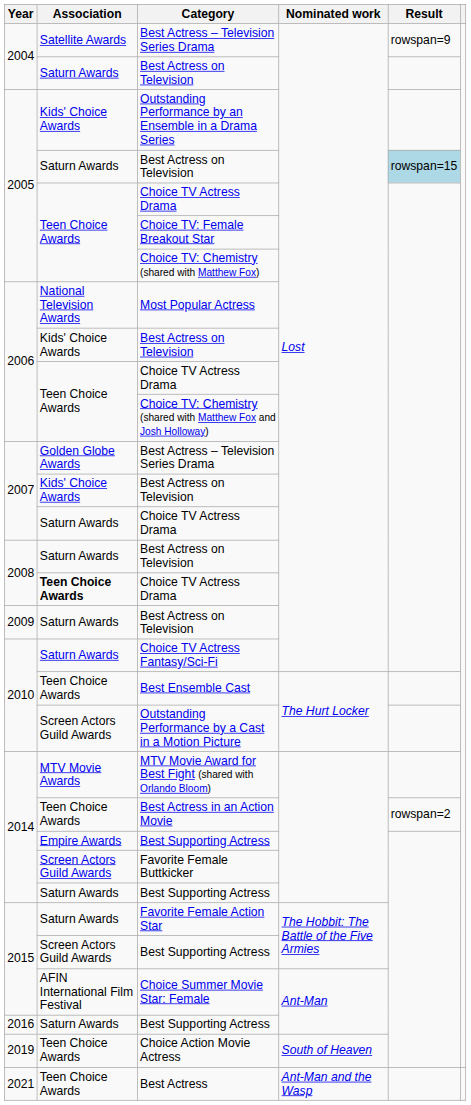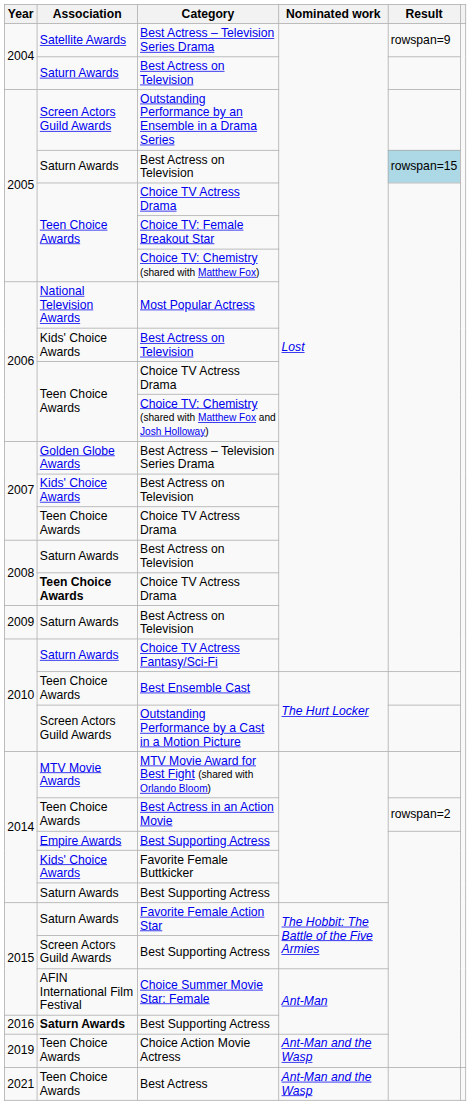 <table class="wikitable">
 <tr>
 <th>Year</th>
 <th>Association</th>
 <th>Category</th>
 <th>Nominated work</th>
 <th>Result</th>
 <th></th>
 </tr>
 <tr>
 <td rowspan=2>2004</td>
 <td><a href='#'>Satellite Awards</a></td>
 <td><a href='#'>Best Actress – Television Series Drama</a></td>
 <td rowspan=18><em><a href='#'>Lost</a></em></td>
 <td>rowspan=9 </td>
 <td rowspan="30" style="text-align: center;"></td>
 </tr>
 <tr>
 <td><a href='#'>Saturn Awards</a></td>
 <td><a href='#'>Best Actress on Television</a></td>
 </tr>
 <tr>
 <td rowspan=5>2005</td>
-<td><a href='#'>Kids' Choice Awards</a></td>
+<td><a href='#'>Screen Actors Guild Awards</a></td>
 <td><a href='#'>Outstanding Performance by an Ensemble in a Drama Series</a></td>
 <td></td>
 </tr>
 <tr>
 <td>Saturn Awards</td>
 <td>Best Actress on Television</td>
 <td style="background: lightblue;">rowspan=15 </td>
 </tr>
 <tr>
 <td rowspan=3><a href='#'>Teen Choice Awards</a></td>
 <td><a href='#'>Choice TV Actress Drama</a></td>
 </tr>
 <tr>
 <td><a href='#'>Choice TV: Female Breakout Star</a></td>
 </tr>
 <tr>
 <td><a href='#'>Choice TV: Chemistry</a> <small>(shared with <a href='#'>Matthew Fox</a>)</small></td>
 </tr>
 <tr>
 <td rowspan=4>2006</td>
 <td><a href='#'>National Television Awards</a></td>
 <td><a href='#'>Most Popular Actress</a></td>
 </tr>
 <tr>
 <td>Kids' Choice Awards</td>
 <td><a href='#'>Best Actress on Television</a></td>
 </tr>
 <tr>
 <td rowspan=2>Teen Choice Awards</td>
 <td>Choice TV Actress Drama</td>
 </tr>
 <tr>
 <td><a href='#'>Choice TV: Chemistry</a> <small>(shared with <a href='#'>Matthew Fox</a> and <a href='#'>Josh Holloway</a>)</small></td>
 </tr>
 <tr>
 <td rowspan=3>2007</td>
 <td><a href='#'>Golden Globe Awards</a></td>
 <td>Best Actress – Television Series Drama</td>
 </tr>
 <tr>
 <td><a href='#'>Kids' Choice Awards</a></td>
 <td>Best Actress on Television</td>
 </tr>
 <tr>
-<td>Saturn Awards</td>
+<td>Teen Choice Awards</td>
 <td>Choice TV Actress Drama</td>
 </tr>
 <tr>
 <td rowspan=2>2008</td>
 <td>Saturn Awards</td>
 <td>Best Actress on Television</td>
 </tr>
 <tr>
 <td><strong>Teen Choice Awards</strong></td>
 <td>Choice TV Actress Drama</td>
 </tr>
 <tr>
 <td>2009</td>
 <td>Saturn Awards</td>
 <td>Best Actress on Television</td>
 </tr>
 <tr>
 <td rowspan=3>2010</td>
 <td><a href='#'>Saturn Awards</a></td>
 <td><a href='#'>Choice TV Actress Fantasy/Sci-Fi</a></td>
 </tr>
 <tr>
 <td>Teen Choice Awards</td>
 <td><a href='#'>Best Ensemble Cast</a></td>
 <td rowspan=2><em><a href='#'>The Hurt Locker</a></em></td>
 <td></td>
 </tr>
 <tr>
 <td>Screen Actors Guild Awards</td>
 <td><a href='#'>Outstanding Performance by a Cast in a Motion Picture</a></td>
 <td></td>
 </tr>
 <tr>
 <td rowspan=5>2014</td>
 <td><a href='#'>MTV Movie Awards</a></td>
 <td><a href='#'>MTV Movie Award for Best Fight</a> <small>(shared with <a href='#'>Orlando Bloom</a>)</small></td>
 <td rowspan=5></td>
 <td></td>
 </tr>
 <tr>
 <td>Teen Choice Awards</td>
 <td><a href='#'>Best Actress in an Action Movie</a></td>
 <td>rowspan=2 </td>
 </tr>
 <tr>
 <td><a href='#'>Empire Awards</a></td>
 <td><a href='#'>Best Supporting Actress</a></td>
 </tr>
 <tr>
-<td><a href='#'>Screen Actors Guild Awards</a></td>
+<td><a href='#'>Kids' Choice Awards</a></td>
 <td>Favorite Female Buttkicker</td>
 </tr>
 <tr>
 <td>Saturn Awards</td>
 <td>Best Supporting Actress</td>
 </tr>
 <tr>
 <td rowspan=3>2015</td>
 <td>Saturn Awards</td>
 <td><a href='#'>Favorite Female Action Star</a></td>
 <td rowspan=2><em><a href='#'>The Hobbit: The Battle of the Five Armies</a></em></td>
 </tr>
 <tr>
 <td>Screen Actors Guild Awards</td>
 <td>Best Supporting Actress</td>
 </tr>
 <tr>
 <td>AFIN International Film Festival</td>
 <td><a href='#'>Choice Summer Movie Star: Female</a></td>
 <td rowspan="2"><em><a href='#'>Ant-Man</a></em></td>
 </tr>
 <tr>
 <td>2016</td>
-<td>Saturn Awards</td>
+<td><strong>Saturn Awards</strong></td>
 <td>Best Supporting Actress</td>
 </tr>
 <tr>
 <td>2019</td>
 <td>Teen Choice Awards</td>
 <td>Choice Action Movie Actress</td>
-<td><em><a href='#'>South of Heaven</a></em></td>
+<td><em><a href='#'>Ant-Man and the Wasp</a></em></td>
 </tr>
 <tr>
 <td>2021</td>
 <td>Teen Choice Awards</td>
 <td>Best Actress</td>
 <td><em><a href='#'>Ant-Man and the Wasp</a></em></td>
 <td></td>
 <td style="text-align: center;"></td>
 </tr>
 </table>
